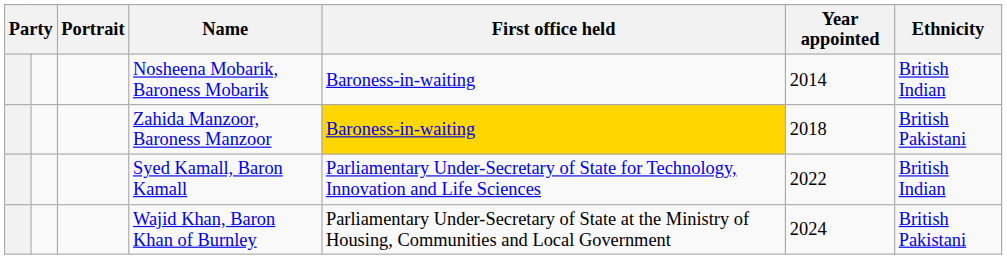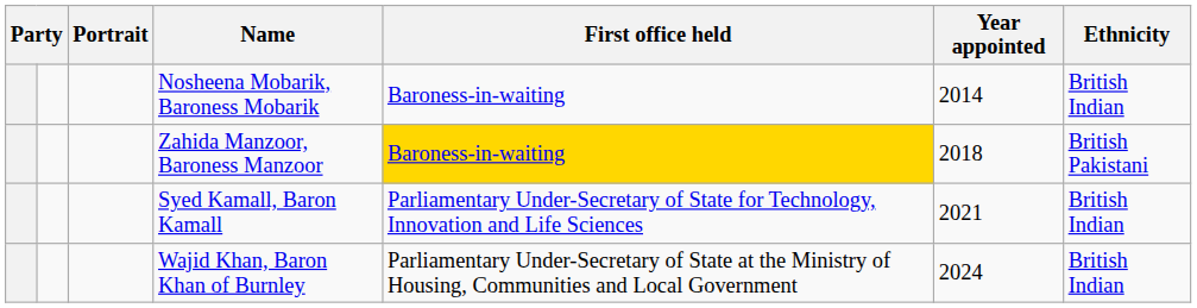 <table class="wikitable sortable">
 <tr>
 <th colspan=2>Party</th>
 <th>Portrait</th>
 <th>Name</th>
 <th>First office held</th>
 <th>Year appointed</th>
 <th>Ethnicity</th>
 </tr>
 <tr>
 <th style="background-color: "></th>
 <td></td>
 <td></td>
 <td><a href='#'>Nosheena Mobarik, Baroness Mobarik</a></td>
 <td><a href='#'>Baroness-in-waiting</a></td>
 <td>2014</td>
 <td><a href='#'>British Indian</a></td>
 </tr>
 <tr>
 <th style="background-color: "></th>
 <td></td>
 <td></td>
 <td><a href='#'>Zahida Manzoor, Baroness Manzoor</a></td>
 <td style="background: gold;"><a href='#'>Baroness-in-waiting</a></td>
 <td>2018</td>
 <td><a href='#'>British Pakistani</a></td>
 </tr>
 <tr>
 <th style="background-color: "></th>
 <td></td>
 <td></td>
 <td><a href='#'>Syed Kamall, Baron Kamall</a></td>
 <td><a href='#'>Parliamentary Under-Secretary of State for Technology, Innovation and Life Sciences</a></td>
-<td>2022</td>
+<td>2021</td>
 <td><a href='#'>British Indian</a></td>
 </tr>
 <tr>
 <th style="background-color: "></th>
 <td></td>
 <td></td>
 <td><a href='#'>Wajid Khan, Baron Khan of Burnley</a></td>
 <td>Parliamentary Under-Secretary of State at the Ministry of Housing, Communities and Local Government</td>
 <td>2024</td>
-<td><a href='#'>British Pakistani</a></td>
+<td><a href='#'>British Indian</a></td>
 </tr>
 </table>
